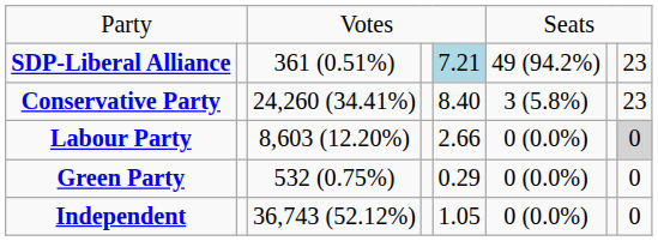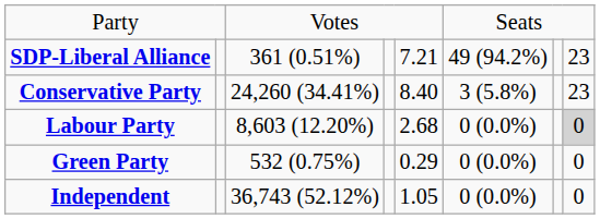 <table class=wikitable style="text-align:center;">
 <tr>
 <td colspan=2>Party</td>
 <td colspan=3>Votes</td>
 <td colspan=3>Seats</td>
 </tr>
 <tr>
 <td><strong><a href='#'>SDP-Liberal Alliance</a></strong></td>
 <td style="background:"></td>
 <td>361 (0.51%)</td>
 <td></td>
-<td style="background: lightblue;"> 7.21</td>
+<td> 7.21</td>
 <td>49 (94.2%)</td>
 <td></td>
 <td> 23</td>
 </tr>
 <tr>
 <td><strong><a href='#'>Conservative Party</a></strong></td>
 <td style="background:"></td>
 <td>24,260 (34.41%)</td>
 <td></td>
 <td> 8.40</td>
 <td>3 (5.8%)</td>
 <td></td>
 <td> 23</td>
 </tr>
 <tr>
 <td><strong><a href='#'>Labour Party</a></strong></td>
 <td style="background:"></td>
 <td>8,603 (12.20%)</td>
 <td></td>
-<td> 2.66</td>
+<td> 2.68</td>
 <td>0 (0.0%)</td>
 <td></td>
 <td style="background: lightgrey;"> 0</td>
 </tr>
 <tr>
 <td><strong><a href='#'>Green Party</a></strong></td>
 <td style="background:"></td>
 <td>532 (0.75%)</td>
 <td></td>
 <td> 0.29</td>
 <td>0  (0.0%)</td>
 <td></td>
 <td> 0</td>
 </tr>
 <tr>
 <td><strong><a href='#'>Independent</a></strong></td>
 <td style="background:"></td>
 <td>36,743 (52.12%)</td>
 <td></td>
 <td> 1.05</td>
 <td>0  (0.0%)</td>
 <td></td>
 <td> 0</td>
 </tr>
 </table>
